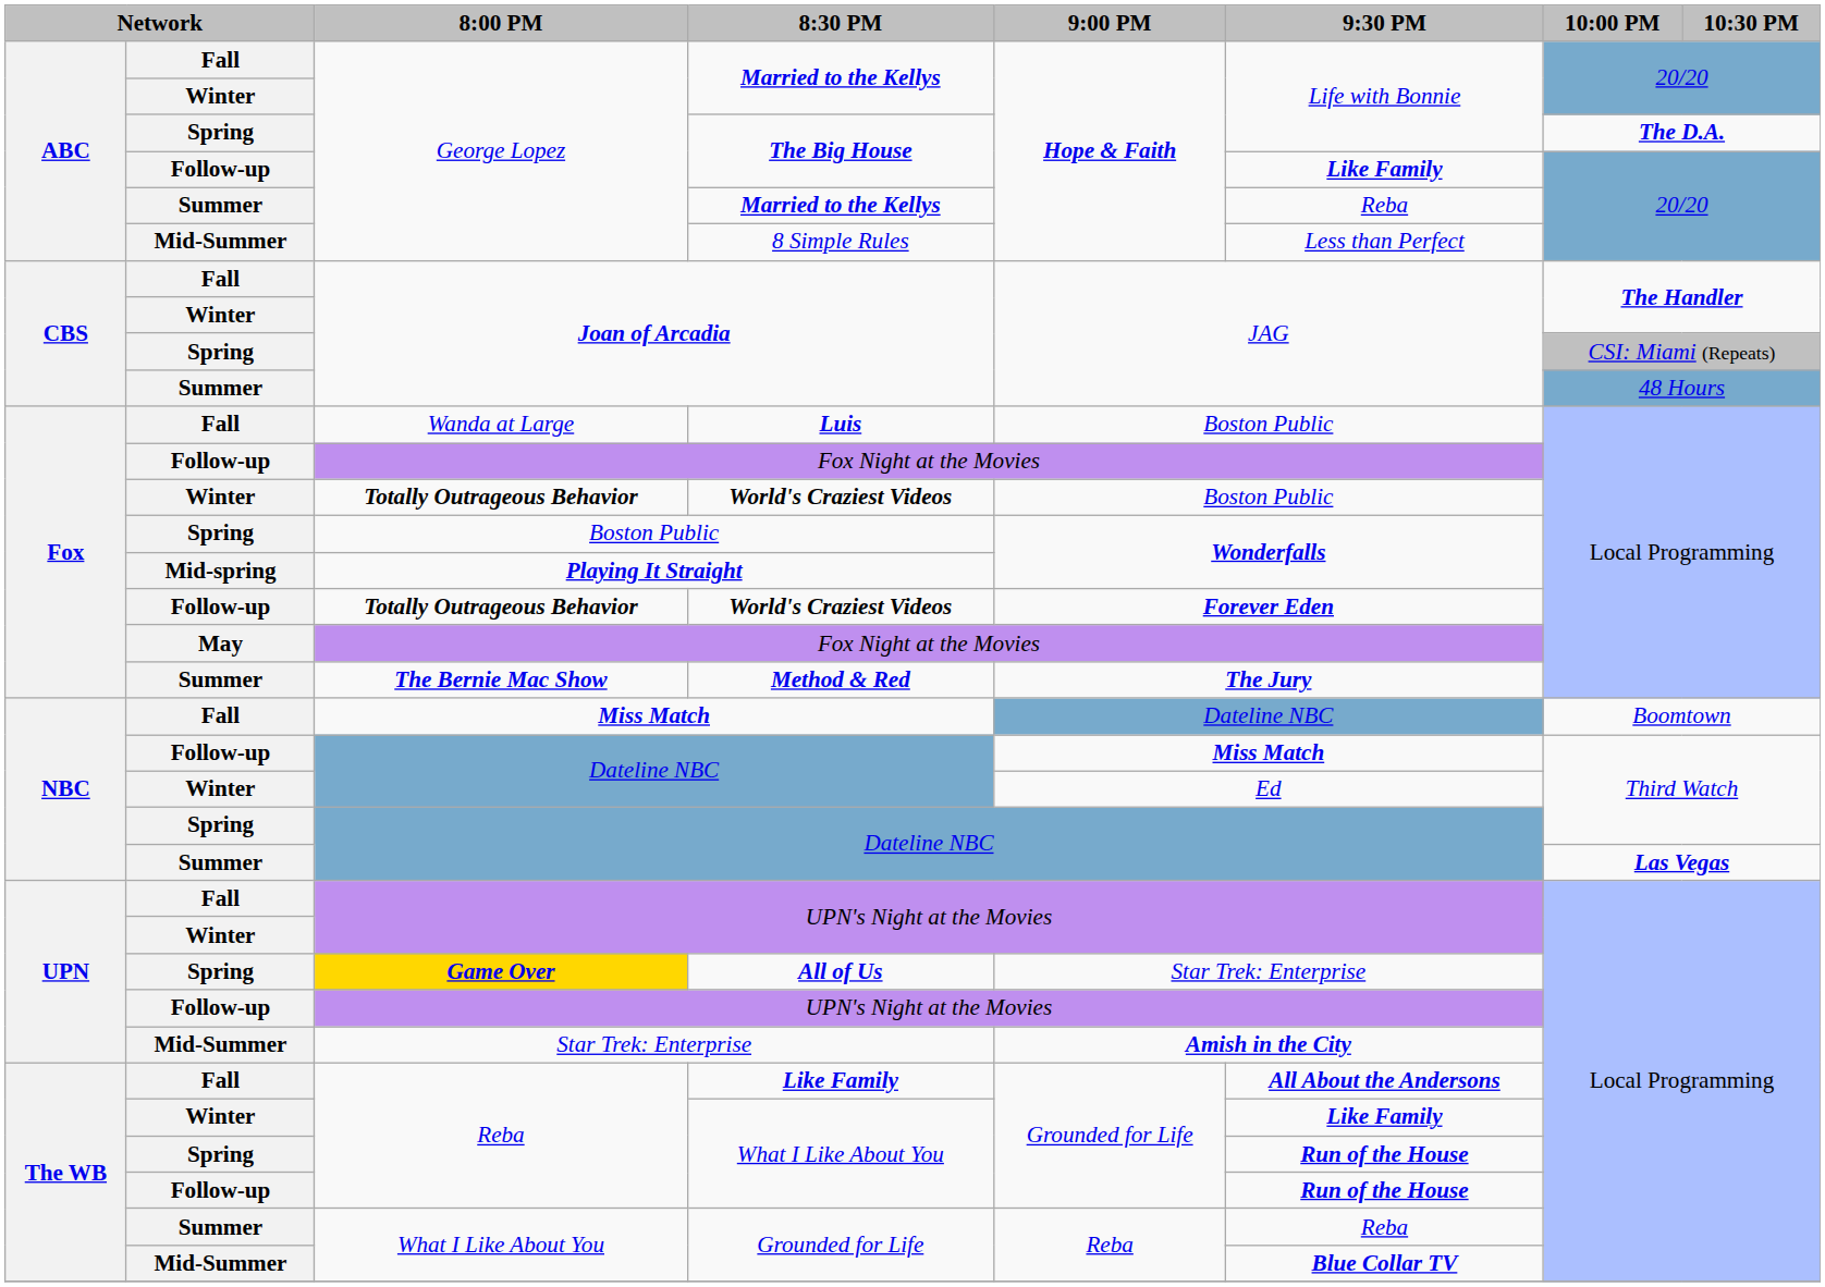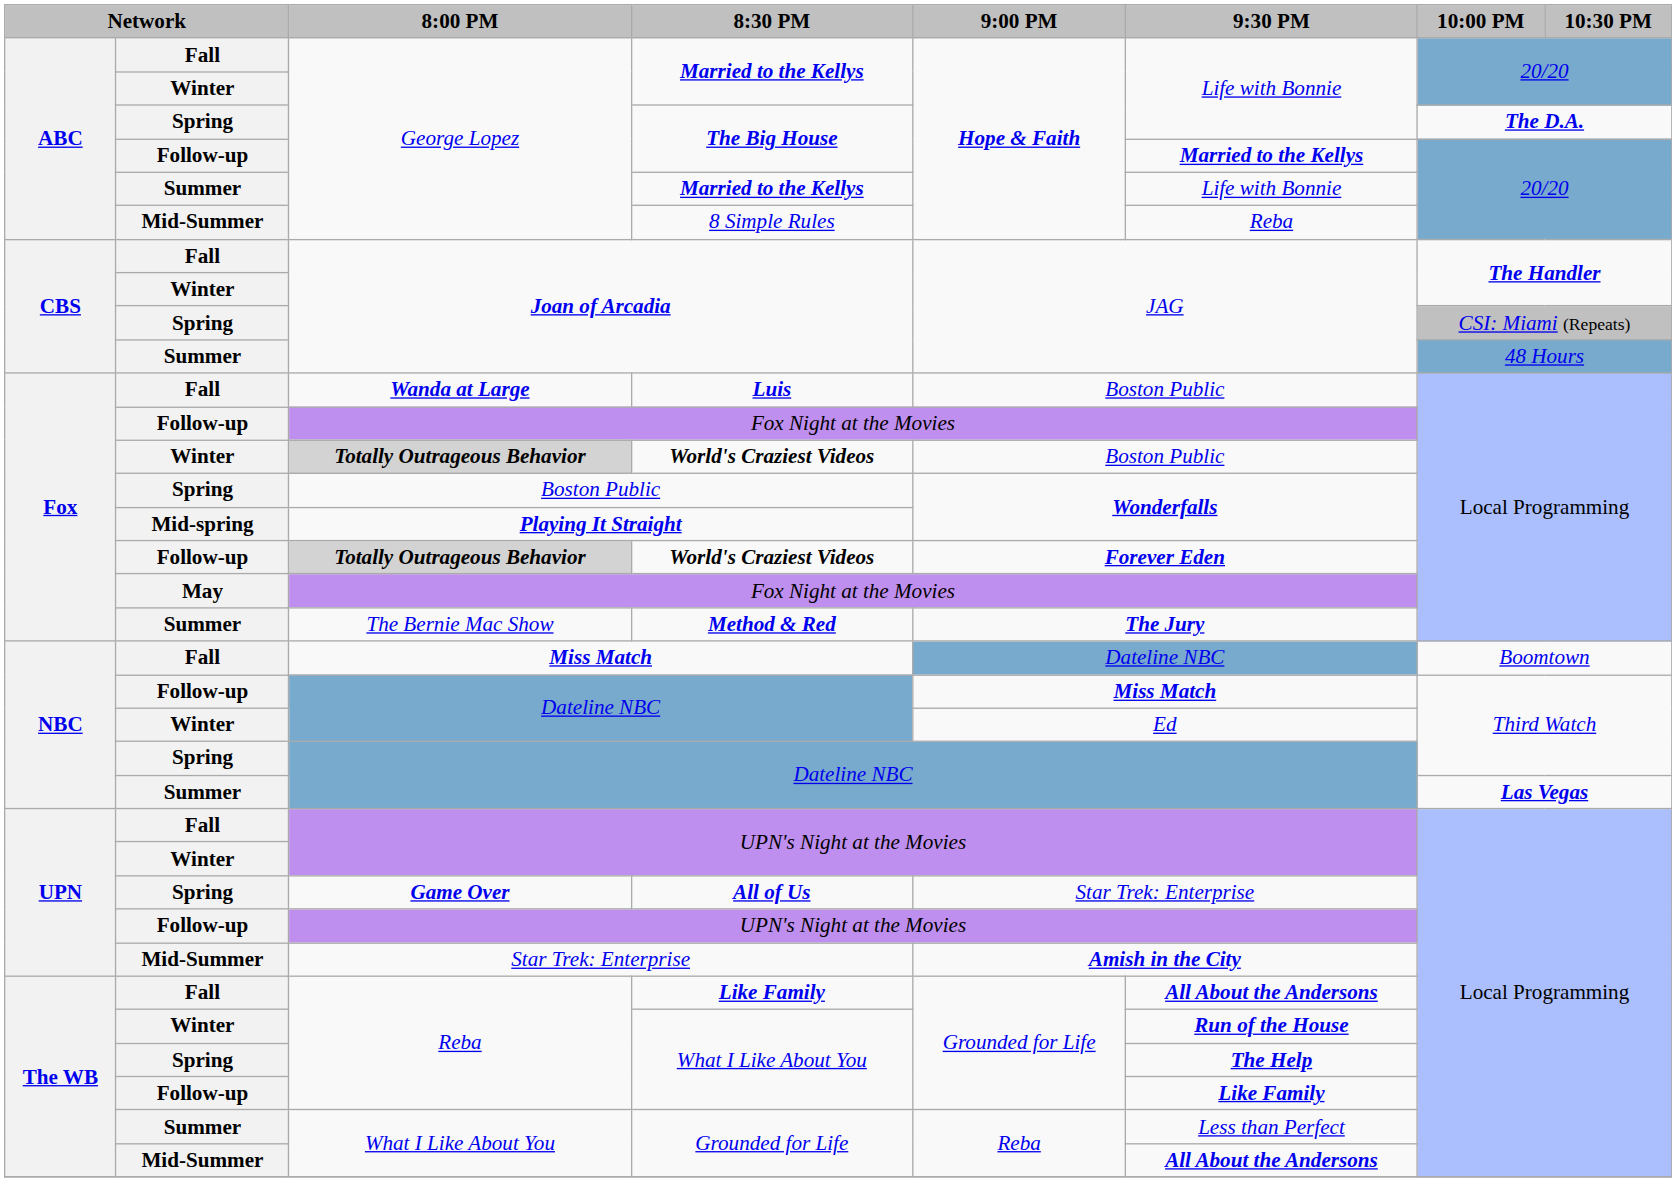 <table class="wikitable" style="width:100%;margin-right:0;text-align:center">
 <tr>
 <th colspan="2" style="background-color:#C0C0C0;text-align:center">Network</th>
 <th style="background-color:#C0C0C0;text-align:center">8:00 PM</th>
 <th style="background-color:#C0C0C0;text-align:center">8:30 PM</th>
 <th style="background-color:#C0C0C0;text-align:center">9:00 PM</th>
 <th style="background-color:#C0C0C0;text-align:center">9:30 PM</th>
 <th style="background-color:#C0C0C0;text-align:center">10:00 PM</th>
 <th style="background-color:#C0C0C0;text-align:center">10:30 PM</th>
 </tr>
 <tr>
 <th rowspan="6"><a href='#'>ABC</a></th>
 <th>Fall</th>
 <td rowspan="6"><em><a href='#'>George Lopez</a></em></td>
 <td rowspan="2"><strong><em><a href='#'>Married to the Kellys</a></em></strong></td>
 <td rowspan="6"><strong><em><a href='#'>Hope & Faith</a></em></strong></td>
 <td rowspan="3"><em><a href='#'>Life with Bonnie</a></em></td>
 <td rowspan="2" colspan="2" bgcolor="#77AACC"><em><a href='#'>20/20</a></em></td>
 </tr>
 <tr>
 <th>Winter</th>
 </tr>
 <tr>
 <th>Spring</th>
 <td rowspan="2"><strong><em><a href='#'>The Big House</a></em></strong></td>
 <td colspan="2"><strong><em><a href='#'>The D.A.</a></em></strong></td>
 </tr>
 <tr>
 <th>Follow-up</th>
-<td><strong><em><a href='#'>Like Family</a></em></strong></td>
+<td><strong><em><a href='#'>Married to the Kellys</a></em></strong></td>
 <td rowspan="3" colspan="2" bgcolor="#77AACC"><em><a href='#'>20/20</a></em></td>
 </tr>
 <tr>
 <th>Summer</th>
 <td><strong><em><a href='#'>Married to the Kellys</a></em></strong></td>
-<td><em><a href='#'>Reba</a></em></td>
+<td><em><a href='#'>Life with Bonnie</a></em></td>
 </tr>
 <tr>
 <th>Mid-Summer</th>
 <td><em><a href='#'>8 Simple Rules</a></em></td>
-<td><em><a href='#'>Less than Perfect</a></em></td>
+<td><em><a href='#'>Reba</a></em></td>
 </tr>
 <tr>
 <th rowspan="4"><a href='#'>CBS</a></th>
 <th>Fall</th>
 <td colspan="2" rowspan="4"><strong><em><a href='#'>Joan of Arcadia</a></em></strong></td>
 <td colspan="2" rowspan="4"><em><a href='#'>JAG</a></em></td>
 <td colspan="2" rowspan="2"><strong><em><a href='#'>The Handler</a></em></strong></td>
 </tr>
 <tr>
 <th>Winter</th>
 </tr>
 <tr>
 <th>Spring</th>
 <td bgcolor="#C0C0C0" colspan="2"><em><a href='#'>CSI: Miami</a></em> <small>(Repeats)</small></td>
 </tr>
 <tr>
 <th>Summer</th>
 <td colspan="2" bgcolor="#77AACC"><em><a href='#'>48 Hours</a></em></td>
 </tr>
 <tr>
 <th rowspan="8"><a href='#'>Fox</a></th>
 <th>Fall</th>
-<td><em><a href='#'>Wanda at Large</a></em></td>
+<td><strong><em><a href='#'>Wanda at Large</a></em></strong></td>
 <td><strong><em><a href='#'>Luis</a></em></strong></td>
 <td colspan="2"><em><a href='#'>Boston Public</a></em></td>
 <td bgcolor="#abbfff" rowspan="8" colspan="2">Local Programming</td>
 </tr>
 <tr>
 <th>Follow-up</th>
 <td bgcolor="#bf8fef" colspan="4"><em>Fox Night at the Movies</em></td>
 </tr>
 <tr>
 <th>Winter</th>
-<td><strong><em>Totally Outrageous Behavior</em></strong></td>
+<td style="background: lightgrey;"><strong><em>Totally Outrageous Behavior</em></strong></td>
 <td><strong><em>World's Craziest Videos</em></strong></td>
 <td colspan="2"><em><a href='#'>Boston Public</a></em></td>
 </tr>
 <tr>
 <th>Spring</th>
 <td colspan="2"><em><a href='#'>Boston Public</a></em></td>
 <td colspan="2" rowspan="2'"><strong><em><a href='#'>Wonderfalls</a></em></strong></td>
 </tr>
 <tr>
 <th>Mid-spring</th>
 <td colspan="2"><strong><em><a href='#'>Playing It Straight</a></em></strong></td>
 </tr>
 <tr>
 <th>Follow-up</th>
-<td><strong><em>Totally Outrageous Behavior</em></strong></td>
+<td style="background: lightgrey;"><strong><em>Totally Outrageous Behavior</em></strong></td>
 <td><strong><em>World's Craziest Videos</em></strong></td>
 <td colspan="2"><strong><em><a href='#'>Forever Eden</a></em></strong></td>
 </tr>
 <tr>
 <th>May</th>
 <td bgcolor="#bf8fef" colspan="4"><em>Fox Night at the Movies</em></td>
 </tr>
 <tr>
 <th>Summer</th>
-<td><strong><em><a href='#'>The Bernie Mac Show</a></em></strong></td>
+<td><em><a href='#'>The Bernie Mac Show</a></em></td>
 <td><strong><em><a href='#'>Method & Red</a></em></strong></td>
 <td colspan="2"><strong><em><a href='#'>The Jury</a></em></strong></td>
 </tr>
 <tr>
 <th rowspan="5"><a href='#'>NBC</a></th>
 <th>Fall</th>
 <td colspan="2"><strong><em><a href='#'>Miss Match</a></em></strong></td>
 <td colspan="2" bgcolor="#77AACC"><em><a href='#'>Dateline NBC</a></em></td>
 <td colspan="2"><em><a href='#'>Boomtown</a></em></td>
 </tr>
 <tr>
 <th>Follow-up</th>
 <td bgcolor="#77AACC" rowspan="2" colspan="2"><em><a href='#'>Dateline NBC</a></em></td>
 <td colspan="2"><strong><em><a href='#'>Miss Match</a></em></strong></td>
 <td rowspan="3" colspan="2"><em><a href='#'>Third Watch</a></em></td>
 </tr>
 <tr>
 <th>Winter</th>
 <td colspan="2"><em><a href='#'>Ed</a></em></td>
 </tr>
 <tr>
 <th>Spring</th>
 <td colspan="4" rowspan="2" bgcolor="#77AACC"><em><a href='#'>Dateline NBC</a></em></td>
 </tr>
 <tr>
 <th>Summer</th>
 <td colspan="2"><strong><em><a href='#'>Las Vegas</a></em></strong></td>
 </tr>
 <tr>
 <th rowspan="5"><a href='#'>UPN</a></th>
 <th>Fall</th>
 <td bgcolor="#bf8fef" rowspan="2" colspan="4"><em>UPN's Night at the Movies</em></td>
 <td bgcolor="#abbfff" rowspan="11" colspan="2">Local Programming</td>
 </tr>
 <tr>
 <th>Winter</th>
 </tr>
 <tr>
 <th>Spring</th>
-<td style="background: gold;"><strong><em><a href='#'>Game Over</a></em></strong></td>
+<td><strong><em><a href='#'>Game Over</a></em></strong></td>
 <td><strong><em><a href='#'>All of Us</a></em></strong></td>
 <td colspan="2"><em><a href='#'>Star Trek: Enterprise</a></em></td>
 </tr>
 <tr>
 <th>Follow-up</th>
 <td bgcolor="#bf8fef" colspan="4"><em>UPN's Night at the Movies</em></td>
 </tr>
 <tr>
 <th>Mid-Summer</th>
 <td colspan="2"><em><a href='#'>Star Trek: Enterprise</a></em></td>
 <td colspan="2"><strong><em><a href='#'>Amish in the City</a></em></strong></td>
 </tr>
 <tr>
 <th rowspan="6"><a href='#'>The WB</a></th>
 <th>Fall</th>
 <td rowspan="4"><em><a href='#'>Reba</a></em></td>
 <td><strong><em><a href='#'>Like Family</a></em></strong></td>
 <td rowspan="4"><em><a href='#'>Grounded for Life</a></em></td>
 <td><strong><em><a href='#'>All About the Andersons</a></em></strong></td>
 </tr>
 <tr>
 <th>Winter</th>
 <td rowspan="3"><em><a href='#'>What I Like About You</a></em></td>
-<td><strong><em><a href='#'>Like Family</a></em></strong></td>
+<td><strong><em><a href='#'>Run of the House</a></em></strong></td>
 </tr>
 <tr>
 <th>Spring</th>
-<td><strong><em><a href='#'>Run of the House</a></em></strong></td>
+<td><strong><em><a href='#'>The Help</a></em></strong></td>
 </tr>
 <tr>
 <th>Follow-up</th>
-<td><strong><em><a href='#'>Run of the House</a></em></strong></td>
+<td><strong><em><a href='#'>Like Family</a></em></strong></td>
 </tr>
 <tr>
 <th>Summer</th>
 <td rowspan="2"><em><a href='#'>What I Like About You</a></em></td>
 <td rowspan="2"><em><a href='#'>Grounded for Life</a></em></td>
 <td rowspan="2"><em><a href='#'>Reba</a></em></td>
-<td><em><a href='#'>Reba</a></em></td>
+<td><em><a href='#'>Less than Perfect</a></em></td>
 </tr>
 <tr>
 <th>Mid-Summer</th>
-<td><strong><em><a href='#'>Blue Collar TV</a></em></strong></td>
+<td><strong><em><a href='#'>All About the Andersons</a></em></strong></td>
 </tr>
 <tr>
 </tr>
 </table>
